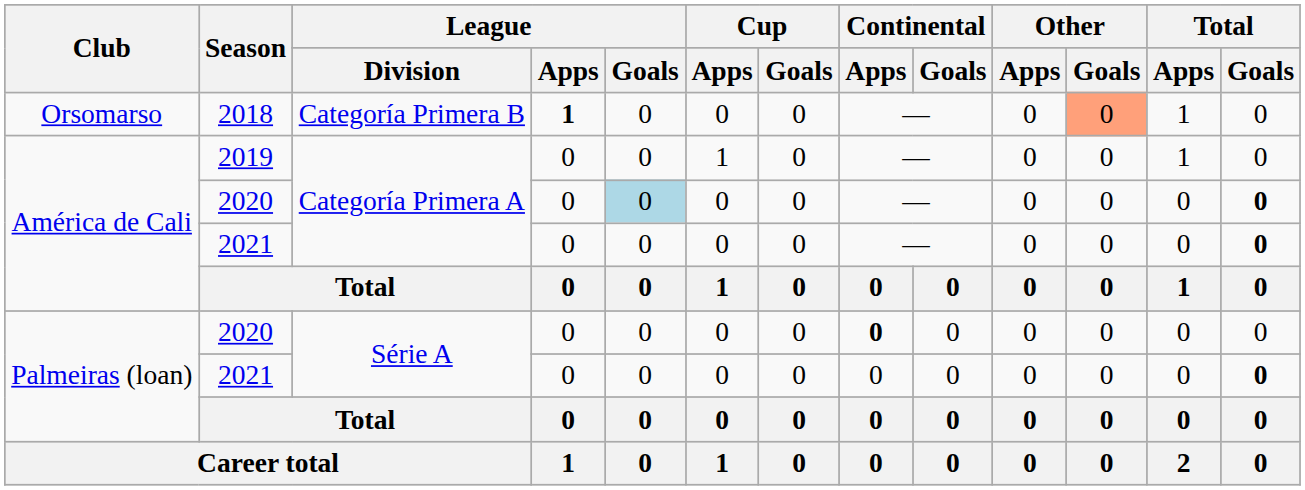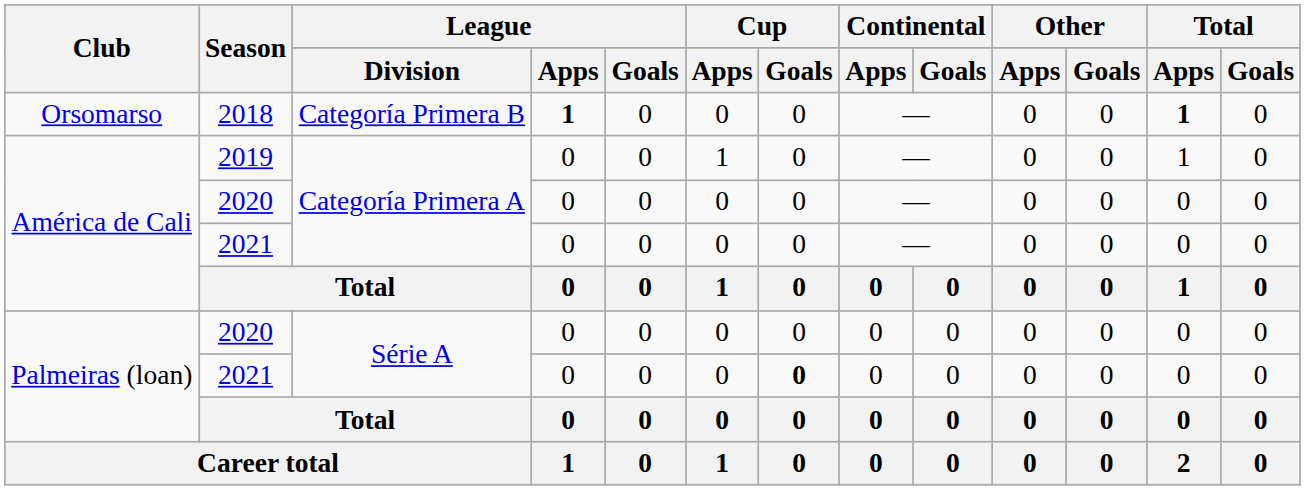 <table class="wikitable" style="text-align:center">
 <tr>
 <th rowspan="2">Club</th>
 <th rowspan="2">Season</th>
 <th colspan="3">League</th>
 <th colspan="2">Cup</th>
 <th colspan="2">Continental</th>
 <th colspan="2">Other</th>
 <th colspan="2">Total</th>
 </tr>
 <tr>
 <th>Division</th>
 <th>Apps</th>
 <th>Goals</th>
 <th>Apps</th>
 <th>Goals</th>
 <th>Apps</th>
 <th>Goals</th>
 <th>Apps</th>
 <th>Goals</th>
 <th>Apps</th>
 <th>Goals</th>
 </tr>
 <tr>
 <td><a href='#'>Orsomarso</a></td>
 <td><a href='#'>2018</a></td>
 <td><a href='#'>Categoría Primera B</a></td>
 <td><strong>1</strong></td>
 <td>0</td>
 <td>0</td>
 <td>0</td>
 <td colspan="2">—</td>
 <td>0</td>
-<td style="background: lightsalmon;">0</td>
-<td>1</td>
+<td>0</td>
+<td><strong>1</strong></td>
 <td>0</td>
 </tr>
 <tr>
 <td rowspan="4"><a href='#'>América de Cali</a></td>
 <td><a href='#'>2019</a></td>
 <td rowspan="3"><a href='#'>Categoría Primera A</a></td>
 <td>0</td>
 <td>0</td>
 <td>1</td>
 <td>0</td>
 <td colspan="2">—</td>
 <td>0</td>
 <td>0</td>
 <td>1</td>
 <td>0</td>
 </tr>
 <tr>
 <td><a href='#'>2020</a></td>
 <td>0</td>
-<td style="background: lightblue;">0</td>
+<td>0</td>
 <td>0</td>
 <td>0</td>
 <td colspan="2">—</td>
 <td>0</td>
 <td>0</td>
 <td>0</td>
-<td><strong>0</strong></td>
+<td>0</td>
 </tr>
 <tr>
 <td><a href='#'>2021</a></td>
 <td>0</td>
 <td>0</td>
 <td>0</td>
 <td>0</td>
 <td colspan="2">—</td>
 <td>0</td>
 <td>0</td>
 <td>0</td>
-<td><strong>0</strong></td>
+<td>0</td>
 </tr>
 <tr>
 <th colspan="2">Total</th>
 <th>0</th>
 <th>0</th>
 <th>1</th>
 <th>0</th>
 <th>0</th>
 <th>0</th>
 <th>0</th>
 <th>0</th>
 <th>1</th>
 <th>0</th>
 </tr>
 <tr>
 <td rowspan="3"><a href='#'>Palmeiras</a> (loan)</td>
 <td><a href='#'>2020</a></td>
 <td rowspan="2"><a href='#'>Série A</a></td>
 <td>0</td>
 <td>0</td>
 <td>0</td>
 <td>0</td>
-<td><strong>0</strong></td>
+<td>0</td>
 <td>0</td>
 <td>0</td>
 <td>0</td>
 <td>0</td>
 <td>0</td>
 </tr>
 <tr>
 <td><a href='#'>2021</a></td>
 <td>0</td>
 <td>0</td>
 <td>0</td>
+<td><strong>0</strong></td>
 <td>0</td>
 <td>0</td>
 <td>0</td>
 <td>0</td>
 <td>0</td>
 <td>0</td>
-<td><strong>0</strong></td>
 </tr>
 <tr>
 <th colspan="2">Total</th>
 <th>0</th>
 <th>0</th>
 <th>0</th>
 <th>0</th>
 <th>0</th>
 <th>0</th>
 <th>0</th>
 <th>0</th>
 <th>0</th>
 <th>0</th>
 </tr>
 <tr>
 <th colspan="3">Career total</th>
 <th>1</th>
 <th>0</th>
 <th>1</th>
 <th>0</th>
 <th>0</th>
 <th>0</th>
 <th>0</th>
 <th>0</th>
 <th>2</th>
 <th>0</th>
 </tr>
 </table>
